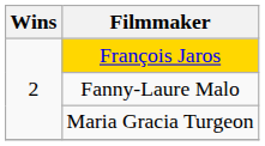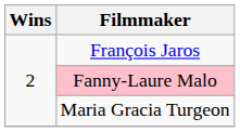 <table class="wikitable" style="text-align:center;">
 <tr>
 <th scope="col" width="17">Wins</th>
 <th scope="col" align="center">Filmmaker</th>
 </tr>
 <tr>
 <td rowspan="3" style="text-align:center;">2</td>
-<td style="background: gold;"><a href='#'>François Jaros</a></td>
+<td><a href='#'>François Jaros</a></td>
 </tr>
 <tr>
-<td>Fanny-Laure Malo</td>
+<td style="background: pink;">Fanny-Laure Malo</td>
 </tr>
 <tr>
 <td>Maria Gracia Turgeon</td>
 </tr>
 <tr>
 </tr>
 </table>
